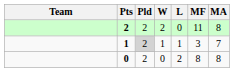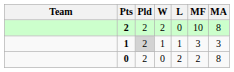 <table class=wikitable style="text-align:center">
 <tr>
 <th width=175>Team</th>
 <th width=20>Pts</th>
 <th width=20>Pld</th>
 <th width=20>W</th>
 <th width=20>L</th>
 <th width=20>MF</th>
 <th width=20>MA</th>
 </tr>
 <tr bgcolor=#ccffcc>
 <td style="text-align:left"></td>
 <td><strong>2</strong></td>
 <td>2</td>
 <td>2</td>
 <td>0</td>
-<td>11</td>
+<td>10</td>
 <td>8</td>
 </tr>
 <tr>
 <td style="text-align:left"></td>
 <td><strong>1</strong></td>
 <td style="background: lightgrey;">2</td>
 <td>1</td>
 <td>1</td>
 <td>3</td>
-<td>7</td>
+<td>3</td>
 </tr>
 <tr>
 <td style="text-align:left"></td>
 <td><strong>0</strong></td>
 <td>2</td>
 <td>0</td>
 <td>2</td>
-<td>8</td>
+<td>2</td>
 <td>8</td>
 </tr>
 </table>
